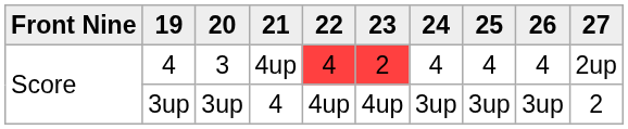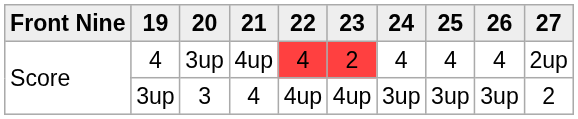 <table cellpadding="3" cellspacing="0" border="1" style="font-size: 95%; border: #aaa solid 1px; border-collapse: collapse;">
 <tr style="background:#eeeeee;">
 <th align="left">Front Nine</th>
 <th align=center>19</th>
 <th align=center>20</th>
 <th align=center>21</th>
 <th align=center>22</th>
 <th align=center>23</th>
 <th align=center>24</th>
 <th align=center>25</th>
 <th align=center>26</th>
 <th align=center>27</th>
 </tr>
 <tr>
 <td rowspan=2>Score</td>
 <td align="center">4</td>
-<td align="center">3</td>
+<td>3up</td>
 <td>4up</td>
 <td align="center" style="background:#FF4040;">4</td>
 <td align="center" style="background:#FF4040;">2</td>
 <td align="center">4</td>
 <td align="center">4</td>
 <td align="center">4</td>
 <td>2up</td>
 </tr>
 <tr>
 <td>3up</td>
-<td>3up</td>
+<td align="center">3</td>
 <td align="center">4</td>
 <td>4up</td>
 <td>4up</td>
 <td>3up</td>
 <td>3up</td>
 <td>3up</td>
 <td align="center">2</td>
 </tr>
 </table>
